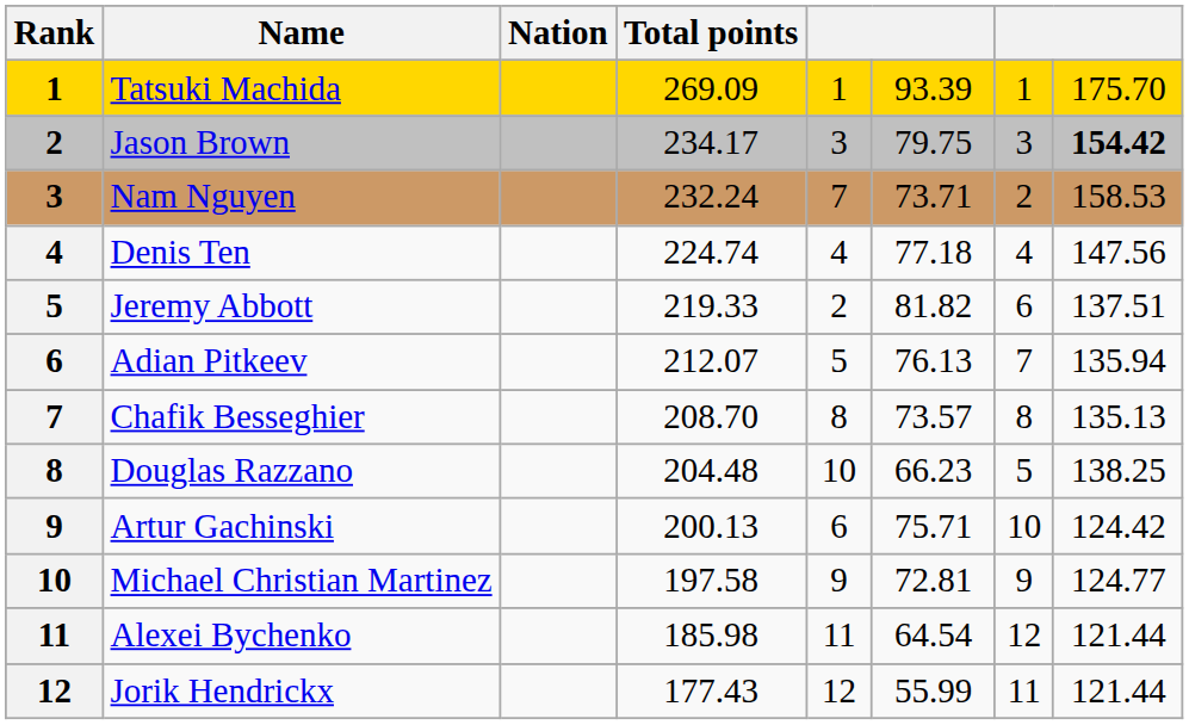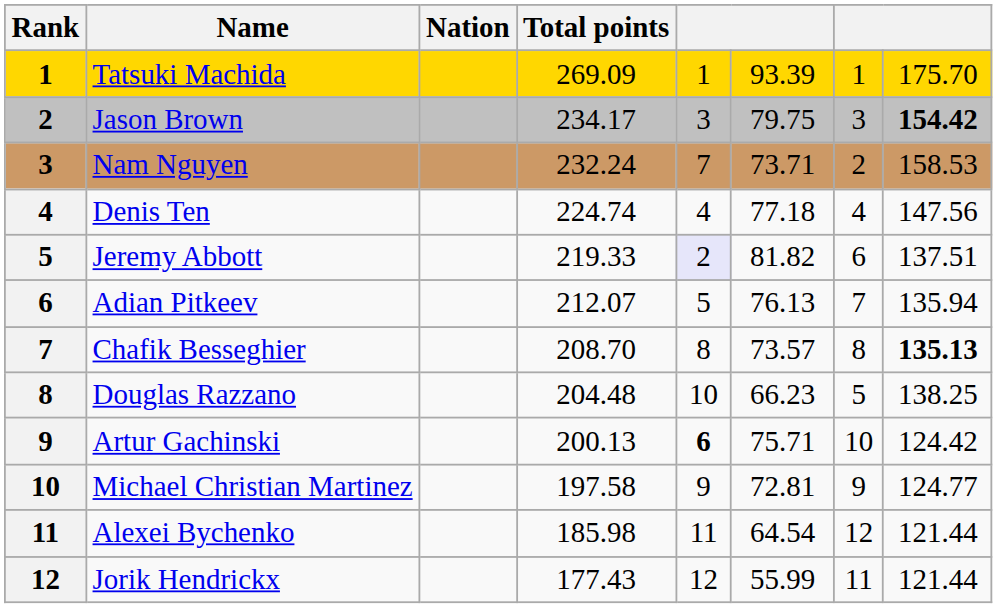 <table class="wikitable sortable">
 <tr>
 <th>Rank</th>
 <th>Name</th>
 <th>Nation</th>
 <th>Total points</th>
 <th colspan="2" width="80px"></th>
 <th colspan="2" width="80px"></th>
 </tr>
 <tr bgcolor="gold">
 <td align="center"><strong>1</strong></td>
 <td><a href='#'>Tatsuki Machida</a></td>
 <td></td>
 <td align="center">269.09</td>
 <td align="center">1</td>
 <td align="center">93.39</td>
 <td align="center">1</td>
 <td align="center">175.70</td>
 </tr>
 <tr bgcolor="silver">
 <td align="center"><strong>2</strong></td>
 <td><a href='#'>Jason Brown</a></td>
 <td></td>
 <td align="center">234.17</td>
 <td align="center">3</td>
 <td align="center">79.75</td>
 <td align="center">3</td>
 <td align="center"><strong>154.42</strong></td>
 </tr>
 <tr bgcolor="cc9966">
 <td align="center"><strong>3</strong></td>
 <td><a href='#'>Nam Nguyen</a></td>
 <td></td>
 <td align="center">232.24</td>
 <td align="center">7</td>
 <td align="center">73.71</td>
 <td align="center">2</td>
 <td align="center">158.53</td>
 </tr>
 <tr>
 <th>4</th>
 <td><a href='#'>Denis Ten</a></td>
 <td></td>
 <td align="center">224.74</td>
 <td align="center">4</td>
 <td align="center">77.18</td>
 <td align="center">4</td>
 <td align="center">147.56</td>
 </tr>
 <tr>
 <th>5</th>
 <td><a href='#'>Jeremy Abbott</a></td>
 <td></td>
 <td align="center">219.33</td>
-<td align="center">2</td>
+<td align="center" style="background: lavender;">2</td>
 <td align="center">81.82</td>
 <td align="center">6</td>
 <td align="center">137.51</td>
 </tr>
 <tr>
 <th>6</th>
 <td><a href='#'>Adian Pitkeev</a></td>
 <td></td>
 <td align="center">212.07</td>
 <td align="center">5</td>
 <td align="center">76.13</td>
 <td align="center">7</td>
 <td align="center">135.94</td>
 </tr>
 <tr>
 <th>7</th>
 <td><a href='#'>Chafik Besseghier</a></td>
 <td></td>
 <td align="center">208.70</td>
 <td align="center">8</td>
 <td align="center">73.57</td>
 <td align="center">8</td>
-<td align="center">135.13</td>
+<td align="center"><strong>135.13</strong></td>
 </tr>
 <tr>
 <th>8</th>
 <td><a href='#'>Douglas Razzano</a></td>
 <td></td>
 <td align="center">204.48</td>
 <td align="center">10</td>
 <td align="center">66.23</td>
 <td align="center">5</td>
 <td align="center">138.25</td>
 </tr>
 <tr>
 <th>9</th>
 <td><a href='#'>Artur Gachinski</a></td>
 <td></td>
 <td align="center">200.13</td>
-<td align="center">6</td>
+<td align="center"><strong>6</strong></td>
 <td align="center">75.71</td>
 <td align="center">10</td>
 <td align="center">124.42</td>
 </tr>
 <tr>
 <th>10</th>
 <td><a href='#'>Michael Christian Martinez</a></td>
 <td></td>
 <td align="center">197.58</td>
 <td align="center">9</td>
 <td align="center">72.81</td>
 <td align="center">9</td>
 <td align="center">124.77</td>
 </tr>
 <tr>
 <th>11</th>
 <td><a href='#'>Alexei Bychenko</a></td>
 <td></td>
 <td align="center">185.98</td>
 <td align="center">11</td>
 <td align="center">64.54</td>
 <td align="center">12</td>
 <td align="center">121.44</td>
 </tr>
 <tr>
 <th>12</th>
 <td><a href='#'>Jorik Hendrickx</a></td>
 <td></td>
 <td align="center">177.43</td>
 <td align="center">12</td>
 <td align="center">55.99</td>
 <td align="center">11</td>
 <td align="center">121.44</td>
 </tr>
 </table>
